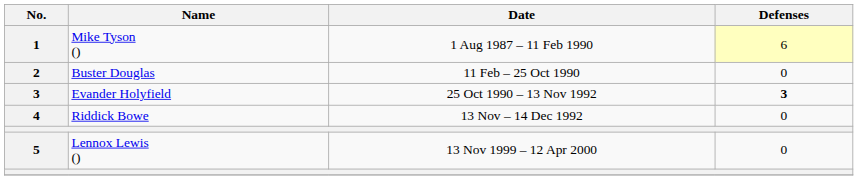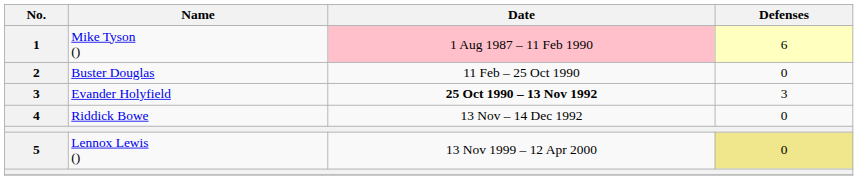 <table class="wikitable sortable" style="width:80%">
 <tr>
 <th>No.</th>
 <th>Name</th>
 <th>Date</th>
 <th>Defenses</th>
 </tr>
 <tr align=center>
 <th>1</th>
 <td align=left><a href='#'>Mike Tyson</a><br>()</td>
-<td>1 Aug 1987 – 11 Feb 1990</td>
+<td style="background: pink;">1 Aug 1987 – 11 Feb 1990</td>
 <td style="background:#ffffbf;">6</td>
 </tr>
 <tr align=center>
 <th>2</th>
 <td align=left><a href='#'>Buster Douglas</a></td>
 <td>11 Feb – 25 Oct 1990</td>
 <td>0</td>
 </tr>
 <tr align=center>
 <th>3</th>
 <td align=left><a href='#'>Evander Holyfield</a></td>
-<td>25 Oct 1990 – 13 Nov 1992</td>
-<td><strong>3</strong></td>
+<td><strong>25 Oct 1990 – 13 Nov 1992</strong></td>
+<td>3</td>
 </tr>
 <tr align=center>
 <th>4</th>
 <td align=left><a href='#'>Riddick Bowe</a></td>
 <td>13 Nov – 14 Dec 1992</td>
 <td>0</td>
 </tr>
 <tr align=center>
 <th colspan=4></th>
 </tr>
 <tr align=center>
 <th>5</th>
 <td align=left><a href='#'>Lennox Lewis</a><br>()</td>
 <td>13 Nov 1999 – 12 Apr 2000</td>
-<td>0</td>
+<td style="background: khaki;">0</td>
 </tr>
 <tr align=center>
 <th colspan=4></th>
 </tr>
 <tr align=center>
 </tr>
 </table>
